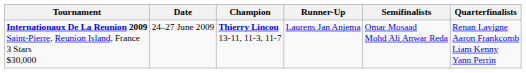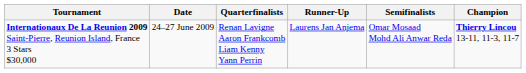 <table class="wikitable" style="font-size:88%">
 <tr>
 <th>Tournament</th>
 <th>Date</th>
-<th>Champion</th>
+<th>Quarterfinalists</th>
 <th>Runner-Up</th>
 <th>Semifinalists</th>
-<th>Quarterfinalists</th>
+<th>Champion</th>
 </tr>
 <tr valign=top>
 <td><strong><a href='#'>Internationaux De La Reunion</a> 2009</strong><br> <a href='#'>Saint-Pierre</a>, <a href='#'>Reunion Island</a>, France<br>3 Stars<br>$30,000</td>
 <td>24–27 June 2009</td>
-<td> <strong><a href='#'>Thierry Lincou</a></strong><br>13-11, 11-3, 11-7</td>
+<td> <a href='#'>Renan Lavigne</a><br> <a href='#'>Aaron Frankcomb</a><br> <a href='#'>Liam Kenny</a><br> <a href='#'>Yann Perrin</a></td>
 <td> <a href='#'>Laurens Jan Anjema</a></td>
 <td> <a href='#'>Omar Mosaad</a><br> <a href='#'>Mohd Ali Anwar Reda</a></td>
-<td> <a href='#'>Renan Lavigne</a><br> <a href='#'>Aaron Frankcomb</a><br> <a href='#'>Liam Kenny</a><br> <a href='#'>Yann Perrin</a></td>
+<td> <strong><a href='#'>Thierry Lincou</a></strong><br>13-11, 11-3, 11-7</td>
 </tr>
 </table>
